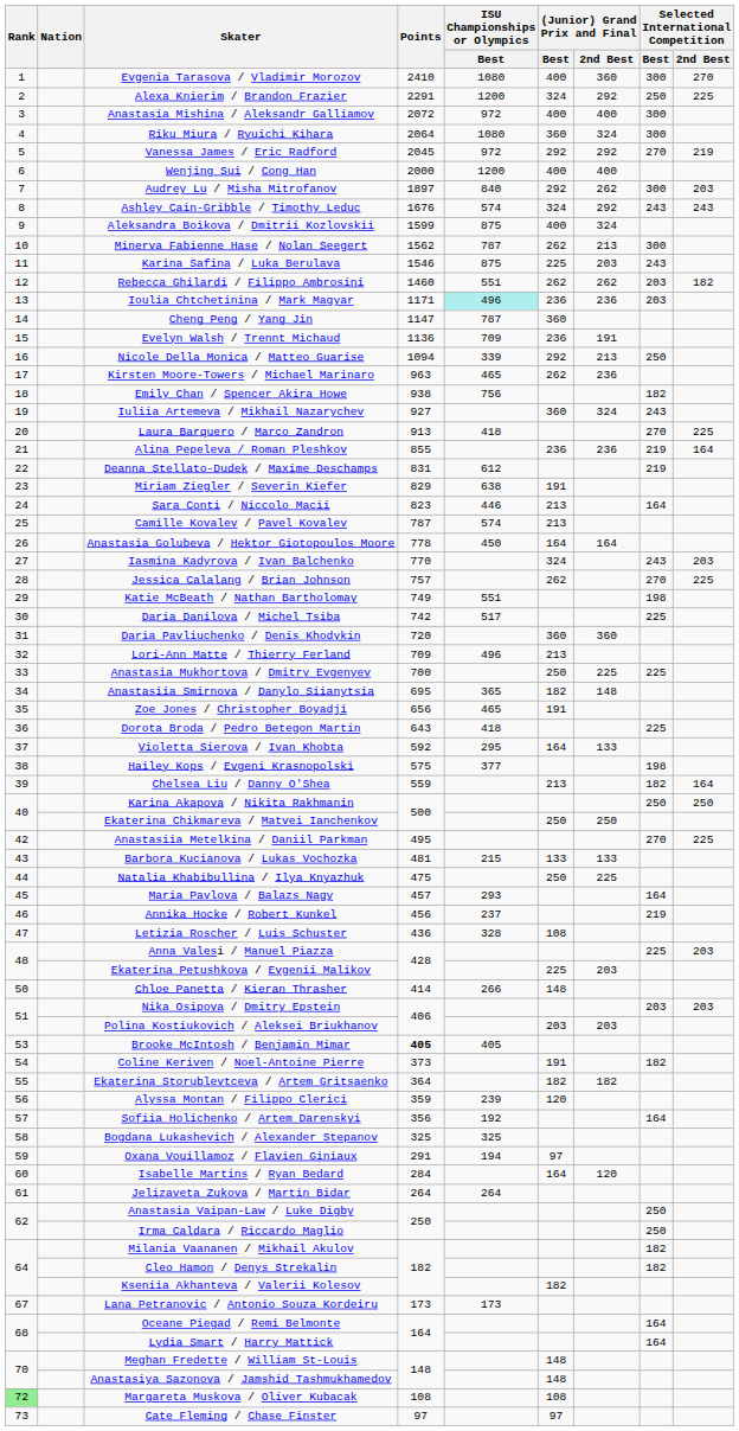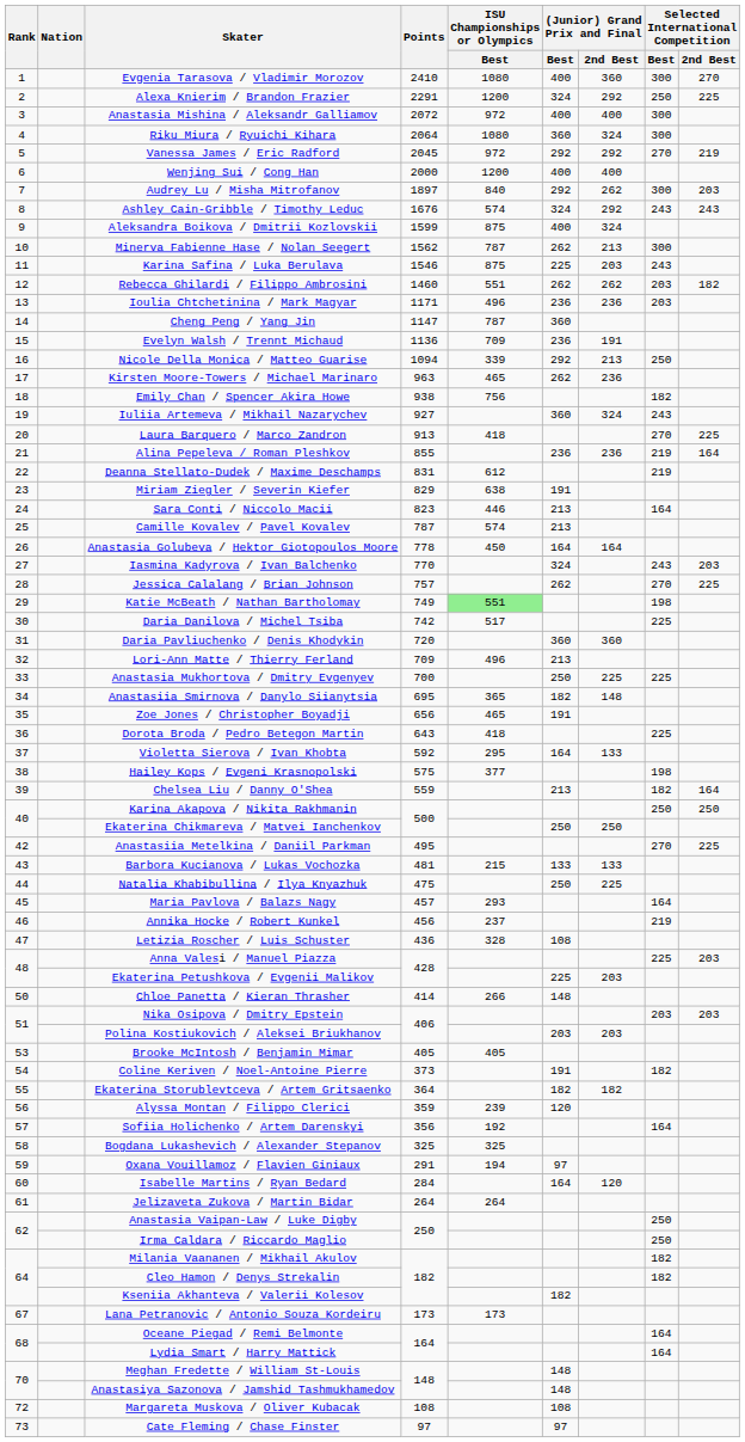 <table class="wikitable sortable" style="text-align: center;">
 <tr>
 <th rowspan="2">Rank</th>
 <th rowspan="2">Nation</th>
 <th rowspan="2">Skater</th>
 <th rowspan="2">Points</th>
 <th>ISU <br> Championships <br> or Olympics</th>
 <th colspan="2">(Junior) Grand <br> Prix and Final</th>
 <th colspan="2">Selected <br> International <br> Competition</th>
 </tr>
 <tr>
 <th>Best</th>
 <th>Best</th>
 <th>2nd Best</th>
 <th>Best</th>
 <th>2nd Best</th>
 </tr>
 <tr>
 <td>1</td>
 <td></td>
 <td><a href='#'>Evgenia Tarasova</a> / <a href='#'>Vladimir Morozov</a></td>
 <td>2410</td>
 <td>1080</td>
 <td>400</td>
 <td>360</td>
 <td>300</td>
 <td>270</td>
 </tr>
 <tr>
 <td>2</td>
 <td></td>
 <td><a href='#'>Alexa Knierim</a> / <a href='#'>Brandon Frazier</a></td>
 <td>2291</td>
 <td>1200</td>
 <td>324</td>
 <td>292</td>
 <td>250</td>
 <td>225</td>
 </tr>
 <tr>
 <td>3</td>
 <td></td>
 <td><a href='#'>Anastasia Mishina</a> / <a href='#'>Aleksandr Galliamov</a></td>
 <td>2072</td>
 <td>972</td>
 <td>400</td>
 <td>400</td>
 <td>300</td>
 <td></td>
 </tr>
 <tr>
 <td>4</td>
 <td></td>
 <td><a href='#'>Riku Miura</a> / <a href='#'>Ryuichi Kihara</a></td>
 <td>2064</td>
 <td>1080</td>
 <td>360</td>
 <td>324</td>
 <td>300</td>
 <td></td>
 </tr>
 <tr>
 <td>5</td>
 <td></td>
 <td><a href='#'>Vanessa James</a> / <a href='#'>Eric Radford</a></td>
 <td>2045</td>
 <td>972</td>
 <td>292</td>
 <td>292</td>
 <td>270</td>
 <td>219</td>
 </tr>
 <tr>
 <td>6</td>
 <td></td>
 <td><a href='#'>Wenjing Sui</a> / <a href='#'>Cong Han</a></td>
 <td>2000</td>
 <td>1200</td>
 <td>400</td>
 <td>400</td>
 <td></td>
 <td></td>
 </tr>
 <tr>
 <td>7</td>
 <td></td>
 <td><a href='#'>Audrey Lu</a> / <a href='#'>Misha Mitrofanov</a></td>
 <td>1897</td>
 <td>840</td>
 <td>292</td>
 <td>262</td>
 <td>300</td>
 <td>203</td>
 </tr>
 <tr>
 <td>8</td>
 <td></td>
 <td><a href='#'>Ashley Cain-Gribble</a> / <a href='#'>Timothy Leduc</a></td>
 <td>1676</td>
 <td>574</td>
 <td>324</td>
 <td>292</td>
 <td>243</td>
 <td>243</td>
 </tr>
 <tr>
 <td>9</td>
 <td></td>
 <td><a href='#'>Aleksandra Boikova</a> / <a href='#'>Dmitrii Kozlovskii</a></td>
 <td>1599</td>
 <td>875</td>
 <td>400</td>
 <td>324</td>
 <td></td>
 <td></td>
 </tr>
 <tr>
 <td>10</td>
 <td></td>
 <td><a href='#'>Minerva Fabienne Hase</a> / <a href='#'>Nolan Seegert</a></td>
 <td>1562</td>
 <td>787</td>
 <td>262</td>
 <td>213</td>
 <td>300</td>
 <td></td>
 </tr>
 <tr>
 <td>11</td>
 <td></td>
 <td><a href='#'>Karina Safina</a> / <a href='#'>Luka Berulava</a></td>
 <td>1546</td>
 <td>875</td>
 <td>225</td>
 <td>203</td>
 <td>243</td>
 <td></td>
 </tr>
 <tr>
 <td>12</td>
 <td></td>
 <td><a href='#'>Rebecca Ghilardi</a> / <a href='#'>Filippo Ambrosini</a></td>
 <td>1460</td>
 <td>551</td>
 <td>262</td>
 <td>262</td>
 <td>203</td>
 <td>182</td>
 </tr>
 <tr>
 <td>13</td>
 <td></td>
 <td><a href='#'>Ioulia Chtchetinina</a> / <a href='#'>Mark Magyar</a></td>
 <td>1171</td>
-<td style="background: paleturquoise;">496</td>
+<td>496</td>
 <td>236</td>
 <td>236</td>
 <td>203</td>
 <td></td>
 </tr>
 <tr>
 <td>14</td>
 <td></td>
 <td><a href='#'>Cheng Peng</a> / <a href='#'>Yang Jin</a></td>
 <td>1147</td>
 <td>787</td>
 <td>360</td>
 <td></td>
 <td></td>
 <td></td>
 </tr>
 <tr>
 <td>15</td>
 <td></td>
 <td><a href='#'>Evelyn Walsh</a> / <a href='#'>Trennt Michaud</a></td>
 <td>1136</td>
 <td>709</td>
 <td>236</td>
 <td>191</td>
 <td></td>
 <td></td>
 </tr>
 <tr>
 <td>16</td>
 <td></td>
 <td><a href='#'>Nicole Della Monica</a> / <a href='#'>Matteo Guarise</a></td>
 <td>1094</td>
 <td>339</td>
 <td>292</td>
 <td>213</td>
 <td>250</td>
 <td></td>
 </tr>
 <tr>
 <td>17</td>
 <td></td>
 <td><a href='#'>Kirsten Moore-Towers</a> / <a href='#'>Michael Marinaro</a></td>
 <td>963</td>
 <td>465</td>
 <td>262</td>
 <td>236</td>
 <td></td>
 <td></td>
 </tr>
 <tr>
 <td>18</td>
 <td></td>
 <td><a href='#'>Emily Chan</a> / <a href='#'>Spencer Akira Howe</a></td>
 <td>938</td>
 <td>756</td>
 <td></td>
 <td></td>
 <td>182</td>
 <td></td>
 </tr>
 <tr>
 <td>19</td>
 <td></td>
 <td><a href='#'>Iuliia Artemeva</a> / <a href='#'>Mikhail Nazarychev</a></td>
 <td>927</td>
 <td></td>
 <td>360</td>
 <td>324</td>
 <td>243</td>
 <td></td>
 </tr>
 <tr>
 <td>20</td>
 <td></td>
 <td><a href='#'>Laura Barquero</a> / <a href='#'>Marco Zandron</a></td>
 <td>913</td>
 <td>418</td>
 <td></td>
 <td></td>
 <td>270</td>
 <td>225</td>
 </tr>
 <tr>
 <td>21</td>
 <td></td>
 <td><a href='#'>Alina Pepeleva / Roman Pleshkov</a></td>
 <td>855</td>
 <td></td>
 <td>236</td>
 <td>236</td>
 <td>219</td>
 <td>164</td>
 </tr>
 <tr>
 <td>22</td>
 <td></td>
 <td><a href='#'>Deanna Stellato-Dudek</a> / <a href='#'>Maxime Deschamps</a></td>
 <td>831</td>
 <td>612</td>
 <td></td>
 <td></td>
 <td>219</td>
 <td></td>
 </tr>
 <tr>
 <td>23</td>
 <td></td>
 <td><a href='#'>Miriam Ziegler</a> / <a href='#'>Severin Kiefer</a></td>
 <td>829</td>
 <td>638</td>
 <td>191</td>
 <td></td>
 <td></td>
 <td></td>
 </tr>
 <tr>
 <td>24</td>
 <td></td>
 <td><a href='#'>Sara Conti</a> / <a href='#'>Niccolo Macii</a></td>
 <td>823</td>
 <td>446</td>
 <td>213</td>
 <td></td>
 <td>164</td>
 <td></td>
 </tr>
 <tr>
 <td>25</td>
 <td></td>
 <td><a href='#'>Camille Kovalev</a> / <a href='#'>Pavel Kovalev</a></td>
 <td>787</td>
 <td>574</td>
 <td>213</td>
 <td></td>
 <td></td>
 <td></td>
 </tr>
 <tr>
 <td>26</td>
 <td></td>
 <td><a href='#'>Anastasia Golubeva</a> / <a href='#'>Hektor Giotopoulos Moore</a></td>
 <td>778</td>
 <td>450</td>
 <td>164</td>
 <td>164</td>
 <td></td>
 <td></td>
 </tr>
 <tr>
 <td>27</td>
 <td></td>
 <td><a href='#'>Iasmina Kadyrova</a> / <a href='#'>Ivan Balchenko</a></td>
 <td>770</td>
 <td></td>
 <td>324</td>
 <td></td>
 <td>243</td>
 <td>203</td>
 </tr>
 <tr>
 <td>28</td>
 <td></td>
 <td><a href='#'>Jessica Calalang</a> / <a href='#'>Brian Johnson</a></td>
 <td>757</td>
 <td></td>
 <td>262</td>
 <td></td>
 <td>270</td>
 <td>225</td>
 </tr>
 <tr>
 <td>29</td>
 <td></td>
 <td><a href='#'>Katie McBeath</a> / <a href='#'>Nathan Bartholomay</a></td>
 <td>749</td>
-<td>551</td>
+<td style="background: lightgreen;">551</td>
 <td></td>
 <td></td>
 <td>198</td>
 <td></td>
 </tr>
 <tr>
 <td>30</td>
 <td></td>
 <td><a href='#'>Daria Danilova</a> / <a href='#'>Michel Tsiba</a></td>
 <td>742</td>
 <td>517</td>
 <td></td>
 <td></td>
 <td>225</td>
 <td></td>
 </tr>
 <tr>
 <td>31</td>
 <td></td>
 <td><a href='#'>Daria Pavliuchenko</a> / <a href='#'>Denis Khodykin</a></td>
 <td>720</td>
 <td></td>
 <td>360</td>
 <td>360</td>
 <td></td>
 <td></td>
 </tr>
 <tr>
 <td>32</td>
 <td></td>
 <td><a href='#'>Lori-Ann Matte</a> / <a href='#'>Thierry Ferland</a></td>
 <td>709</td>
 <td>496</td>
 <td>213</td>
 <td></td>
 <td></td>
 <td></td>
 </tr>
 <tr>
 <td>33</td>
 <td></td>
 <td><a href='#'>Anastasia Mukhortova</a> / <a href='#'>Dmitry Evgenyev</a></td>
 <td>700</td>
 <td></td>
 <td>250</td>
 <td>225</td>
 <td>225</td>
 <td></td>
 </tr>
 <tr>
 <td>34</td>
 <td></td>
 <td><a href='#'>Anastasiia Smirnova</a> / <a href='#'>Danylo Siianytsia</a></td>
 <td>695</td>
 <td>365</td>
 <td>182</td>
 <td>148</td>
 <td></td>
 <td></td>
 </tr>
 <tr>
 <td>35</td>
 <td></td>
 <td><a href='#'>Zoe Jones</a> / <a href='#'>Christopher Boyadji</a></td>
 <td>656</td>
 <td>465</td>
 <td>191</td>
 <td></td>
 <td></td>
 <td></td>
 </tr>
 <tr>
 <td>36</td>
 <td></td>
 <td><a href='#'>Dorota Broda</a> / <a href='#'>Pedro Betegon Martin</a></td>
 <td>643</td>
 <td>418</td>
 <td></td>
 <td></td>
 <td>225</td>
 <td></td>
 </tr>
 <tr>
 <td>37</td>
 <td></td>
 <td><a href='#'>Violetta Sierova</a> / <a href='#'>Ivan Khobta</a></td>
 <td>592</td>
 <td>295</td>
 <td>164</td>
 <td>133</td>
 <td></td>
 <td></td>
 </tr>
 <tr>
 <td>38</td>
 <td></td>
 <td><a href='#'>Hailey Kops</a> / <a href='#'>Evgeni Krasnopolski</a></td>
 <td>575</td>
 <td>377</td>
 <td></td>
 <td></td>
 <td>198</td>
 <td></td>
 </tr>
 <tr>
 <td>39</td>
 <td></td>
 <td><a href='#'>Chelsea Liu</a> / <a href='#'>Danny O'Shea</a></td>
 <td>559</td>
 <td></td>
 <td>213</td>
 <td></td>
 <td>182</td>
 <td>164</td>
 </tr>
 <tr>
 <td rowspan="2">40</td>
 <td></td>
 <td><a href='#'>Karina Akapova</a> / <a href='#'>Nikita Rakhmanin</a></td>
 <td rowspan="2">500</td>
 <td></td>
 <td></td>
 <td></td>
 <td>250</td>
 <td>250</td>
 </tr>
 <tr>
 <td></td>
 <td><a href='#'>Ekaterina Chikmareva</a> / <a href='#'>Matvei Ianchenkov</a></td>
 <td></td>
 <td>250</td>
 <td>250</td>
 <td></td>
 <td></td>
 </tr>
 <tr>
 <td>42</td>
 <td></td>
 <td><a href='#'>Anastasiia Metelkina</a> / <a href='#'>Daniil Parkman</a></td>
 <td>495</td>
 <td></td>
 <td></td>
 <td></td>
 <td>270</td>
 <td>225</td>
 </tr>
 <tr>
 <td>43</td>
 <td></td>
 <td><a href='#'>Barbora Kucianova</a> / <a href='#'>Lukas Vochozka</a></td>
 <td>481</td>
 <td>215</td>
 <td>133</td>
 <td>133</td>
 <td></td>
 <td></td>
 </tr>
 <tr>
 <td>44</td>
 <td></td>
 <td><a href='#'>Natalia Khabibullina</a> / <a href='#'>Ilya Knyazhuk</a></td>
 <td>475</td>
 <td></td>
 <td>250</td>
 <td>225</td>
 <td></td>
 <td></td>
 </tr>
 <tr>
 <td>45</td>
 <td></td>
 <td><a href='#'>Maria Pavlova</a> / <a href='#'>Balazs Nagy</a></td>
 <td>457</td>
 <td>293</td>
 <td></td>
 <td></td>
 <td>164</td>
 <td></td>
 </tr>
 <tr>
 <td>46</td>
 <td></td>
 <td><a href='#'>Annika Hocke</a> / <a href='#'>Robert Kunkel</a></td>
 <td>456</td>
 <td>237</td>
 <td></td>
 <td></td>
 <td>219</td>
 <td></td>
 </tr>
 <tr>
 <td>47</td>
 <td></td>
 <td><a href='#'>Letizia Roscher</a> / <a href='#'>Luis Schuster</a></td>
 <td>436</td>
 <td>328</td>
 <td>108</td>
 <td></td>
 <td></td>
 <td></td>
 </tr>
 <tr>
 <td rowspan="2">48</td>
 <td></td>
 <td><a href='#'>Anna Vales</a>i / <a href='#'>Manuel Piazza</a></td>
 <td rowspan="2">428</td>
 <td></td>
 <td></td>
 <td></td>
 <td>225</td>
 <td>203</td>
 </tr>
 <tr>
 <td></td>
 <td><a href='#'>Ekaterina Petushkova</a> / <a href='#'>Evgenii Malikov</a></td>
 <td></td>
 <td>225</td>
 <td>203</td>
 <td></td>
 <td></td>
 </tr>
 <tr>
 <td>50</td>
 <td></td>
 <td><a href='#'>Chloe Panetta</a> / <a href='#'>Kieran Thrasher</a></td>
 <td>414</td>
 <td>266</td>
 <td>148</td>
 <td></td>
 <td></td>
 <td></td>
 </tr>
 <tr>
 <td rowspan="2">51</td>
 <td></td>
 <td><a href='#'>Nika Osipova</a> / <a href='#'>Dmitry Epstein</a></td>
 <td rowspan="2">406</td>
 <td></td>
 <td></td>
 <td></td>
 <td>203</td>
 <td>203</td>
 </tr>
 <tr>
 <td></td>
 <td><a href='#'>Polina Kostiukovich</a> / <a href='#'>Aleksei Briukhanov</a></td>
 <td></td>
 <td>203</td>
 <td>203</td>
 <td></td>
 <td></td>
 </tr>
 <tr>
 <td>53</td>
 <td></td>
 <td><a href='#'>Brooke McIntosh</a> / <a href='#'>Benjamin Mimar</a></td>
-<td><strong>405</strong></td>
+<td>405</td>
 <td>405</td>
 <td></td>
 <td></td>
 <td></td>
 <td></td>
 </tr>
 <tr>
 <td>54</td>
 <td></td>
 <td><a href='#'>Coline Keriven</a> / <a href='#'>Noel-Antoine Pierre</a></td>
 <td>373</td>
 <td></td>
 <td>191</td>
 <td></td>
 <td>182</td>
 <td></td>
 </tr>
 <tr>
 <td>55</td>
 <td></td>
 <td><a href='#'>Ekaterina Storublevtceva</a> / <a href='#'>Artem Gritsaenko</a></td>
 <td>364</td>
 <td></td>
 <td>182</td>
 <td>182</td>
 <td></td>
 <td></td>
 </tr>
 <tr>
 <td>56</td>
 <td></td>
 <td><a href='#'>Alyssa Montan</a> / <a href='#'>Filippo Clerici</a></td>
 <td>359</td>
 <td>239</td>
 <td>120</td>
 <td></td>
 <td></td>
 <td></td>
 </tr>
 <tr>
 <td>57</td>
 <td></td>
 <td><a href='#'>Sofiia Holichenko</a> / <a href='#'>Artem Darenskyi</a></td>
 <td>356</td>
 <td>192</td>
 <td></td>
 <td></td>
 <td>164</td>
 <td></td>
 </tr>
 <tr>
 <td>58</td>
 <td></td>
 <td><a href='#'>Bogdana Lukashevich</a> / <a href='#'>Alexander Stepanov</a></td>
 <td>325</td>
 <td>325</td>
 <td></td>
 <td></td>
 <td></td>
 <td></td>
 </tr>
 <tr>
 <td>59</td>
 <td></td>
 <td><a href='#'>Oxana Vouillamoz</a> / <a href='#'>Flavien Giniaux</a></td>
 <td>291</td>
 <td>194</td>
 <td>97</td>
 <td></td>
 <td></td>
 <td></td>
 </tr>
 <tr>
 <td>60</td>
 <td></td>
 <td><a href='#'>Isabelle Martins</a> / <a href='#'>Ryan Bedard</a></td>
 <td>284</td>
 <td></td>
 <td>164</td>
 <td>120</td>
 <td></td>
 <td></td>
 </tr>
 <tr>
 <td>61</td>
 <td></td>
 <td><a href='#'>Jelizaveta Zukova</a> / <a href='#'>Martin Bidar</a></td>
 <td>264</td>
 <td>264</td>
 <td></td>
 <td></td>
 <td></td>
 <td></td>
 </tr>
 <tr>
 <td rowspan="2">62</td>
 <td></td>
 <td><a href='#'>Anastasia Vaipan-Law</a> / <a href='#'>Luke Digby</a></td>
 <td rowspan="2">250</td>
 <td></td>
 <td></td>
 <td></td>
 <td>250</td>
 <td></td>
 </tr>
 <tr>
 <td></td>
 <td><a href='#'>Irma Caldara</a> / <a href='#'>Riccardo Maglio</a></td>
 <td></td>
 <td></td>
 <td></td>
 <td>250</td>
 <td></td>
 </tr>
 <tr>
 <td rowspan="3">64</td>
 <td></td>
 <td><a href='#'>Milania Vaananen</a> / <a href='#'>Mikhail Akulov</a></td>
 <td rowspan="3">182</td>
 <td></td>
 <td></td>
 <td></td>
 <td>182</td>
 <td></td>
 </tr>
 <tr>
 <td></td>
 <td><a href='#'>Cleo Hamon</a> / <a href='#'>Denys Strekalin</a></td>
 <td></td>
 <td></td>
 <td></td>
 <td>182</td>
 <td></td>
 </tr>
 <tr>
 <td></td>
 <td><a href='#'>Kseniia Akhanteva</a> / <a href='#'>Valerii Kolesov</a></td>
 <td></td>
 <td>182</td>
 <td></td>
 <td></td>
 <td></td>
 </tr>
 <tr>
 <td>67</td>
 <td></td>
 <td><a href='#'>Lana Petranovic</a> / <a href='#'>Antonio Souza Kordeiru</a></td>
 <td>173</td>
 <td>173</td>
 <td></td>
 <td></td>
 <td></td>
 <td></td>
 </tr>
 <tr>
 <td rowspan="2">68</td>
 <td></td>
 <td><a href='#'>Oceane Piegad</a> / <a href='#'>Remi Belmonte</a></td>
 <td rowspan="2">164</td>
 <td></td>
 <td></td>
 <td></td>
 <td>164</td>
 <td></td>
 </tr>
 <tr>
 <td></td>
 <td><a href='#'>Lydia Smart</a> / <a href='#'>Harry Mattick</a></td>
 <td></td>
 <td></td>
 <td></td>
 <td>164</td>
 <td></td>
 </tr>
 <tr>
 <td rowspan="2">70</td>
 <td></td>
 <td><a href='#'>Meghan Fredette</a> / <a href='#'>William St-Louis</a></td>
 <td rowspan="2">148</td>
 <td></td>
 <td>148</td>
 <td></td>
 <td></td>
 <td></td>
 </tr>
 <tr>
 <td></td>
 <td><a href='#'>Anastasiya Sazonova</a> / <a href='#'>Jamshid Tashmukhamedov</a></td>
 <td></td>
 <td>148</td>
 <td></td>
 <td></td>
 <td></td>
 </tr>
 <tr>
-<td style="background: lightgreen;">72</td>
+<td>72</td>
 <td></td>
 <td><a href='#'>Margareta Muskova</a> / <a href='#'>Oliver Kubacak</a></td>
 <td>108</td>
 <td></td>
 <td>108</td>
 <td></td>
 <td></td>
 <td></td>
 </tr>
 <tr>
 <td>73</td>
 <td></td>
 <td><a href='#'>Cate Fleming</a> / <a href='#'>Chase Finster</a></td>
 <td>97</td>
 <td></td>
 <td>97</td>
 <td></td>
 <td></td>
 <td></td>
 </tr>
 </table>
